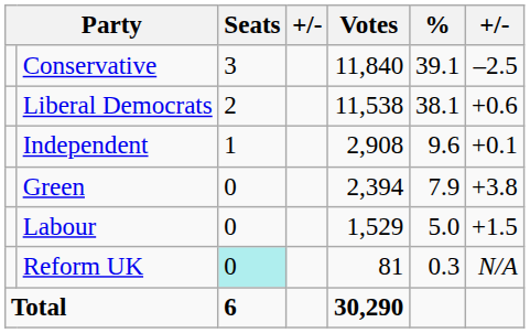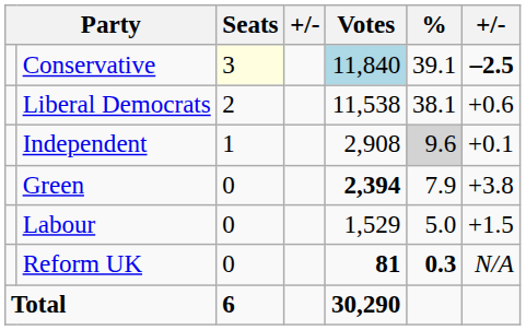 <table class="wikitable sortable">
 <tr>
 <th colspan="2">Party</th>
 <th>Seats</th>
 <th>+/-</th>
 <th>Votes</th>
 <th>%</th>
 <th>+/-</th>
 </tr>
 <tr>
 <td style="background-color: "></td>
 <td><a href='#'>Conservative</a></td>
-<td>3</td>
+<td style="background: lightyellow;">3</td>
 <td></td>
-<td style="text-align:right;">11,840</td>
+<td style="background: lightblue; text-align:right;">11,840</td>
 <td style="text-align:right;">39.1</td>
-<td style="text-align:right;">–2.5</td>
+<td style="text-align:right;"><strong>–2.5</strong></td>
 </tr>
 <tr>
 <td style="background-color: "></td>
 <td><a href='#'>Liberal Democrats</a></td>
 <td>2</td>
 <td></td>
 <td style="text-align:right;">11,538</td>
 <td style="text-align:right;">38.1</td>
 <td style="text-align:right;">+0.6</td>
 </tr>
 <tr>
 <td style="background-color: "></td>
 <td><a href='#'>Independent</a></td>
 <td>1</td>
 <td></td>
 <td style="text-align:right;">2,908</td>
-<td style="text-align:right;">9.6</td>
+<td style="background: lightgrey; text-align:right;">9.6</td>
 <td style="text-align:right;">+0.1</td>
 </tr>
 <tr>
 <td style="background-color: "></td>
 <td><a href='#'>Green</a></td>
 <td>0</td>
 <td></td>
-<td style="text-align:right;">2,394</td>
+<td style="text-align:right;"><strong>2,394</strong></td>
 <td style="text-align:right;">7.9</td>
 <td style="text-align:right;">+3.8</td>
 </tr>
 <tr>
 <td style="background-color: "></td>
 <td><a href='#'>Labour</a></td>
 <td>0</td>
 <td></td>
 <td style="text-align:right;">1,529</td>
 <td style="text-align:right;">5.0</td>
 <td style="text-align:right;">+1.5</td>
 </tr>
 <tr>
 <td style="background-color: "></td>
 <td><a href='#'>Reform UK</a></td>
-<td style="background: paleturquoise;">0</td>
+<td>0</td>
 <td></td>
-<td style="text-align:right;">81</td>
-<td style="text-align:right;">0.3</td>
+<td style="text-align:right;"><strong>81</strong></td>
+<td style="text-align:right;"><strong>0.3</strong></td>
 <td style="text-align:right;"><em>N/A</em></td>
 </tr>
 <tr>
 <td colspan="2"><strong>Total</strong></td>
 <td><strong>6</strong></td>
 <td></td>
 <td style="text-align:right;"><strong>30,290</strong></td>
 <td style="text-align:right;"></td>
 <td style="text-align:right;"></td>
 </tr>
 </table>
